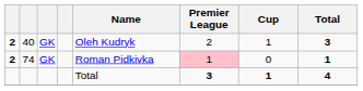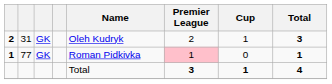 <table class="wikitable" style="text-align:center">
 <tr>
 <th width=15></th>
 <th width=15></th>
 <th width=15></th>
 <th width=15></th>
 <th width=150>Name</th>
 <th width=80><strong>Premier League</strong></th>
 <th width=80><strong>Cup</strong></th>
 <th width=80>Total</th>
 </tr>
 <tr>
 <td><strong>2</strong></td>
-<td>40</td>
+<td>31</td>
 <td><a href='#'>GK</a></td>
 <td></td>
 <td align=left><a href='#'>Oleh Kudryk</a></td>
 <td>2</td>
 <td>1</td>
 <td><strong>3</strong></td>
 </tr>
 <tr>
-<td><strong>2</strong></td>
-<td>74</td>
+<td><strong>1</strong></td>
+<td>77</td>
 <td><a href='#'>GK</a></td>
 <td></td>
 <td align=left><a href='#'>Roman Pidkivka</a></td>
 <td style="background: pink;">1</td>
 <td>0</td>
 <td><strong>1</strong></td>
 </tr>
 <tr>
 <td></td>
 <td></td>
 <td></td>
 <td></td>
 <td align=left>Total</td>
 <td><strong>3</strong></td>
 <td><strong>1</strong></td>
 <td><strong>4</strong></td>
 </tr>
 <tr>
 </tr>
 </table>
